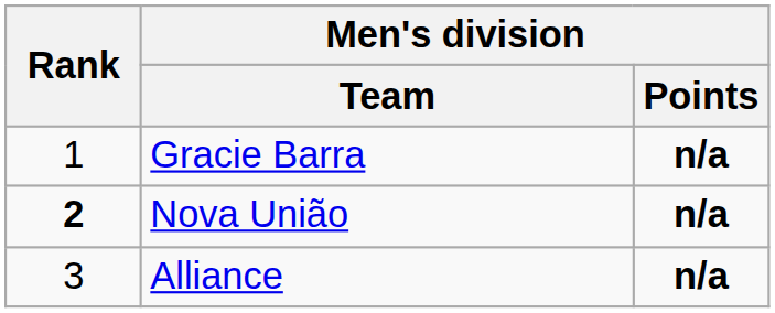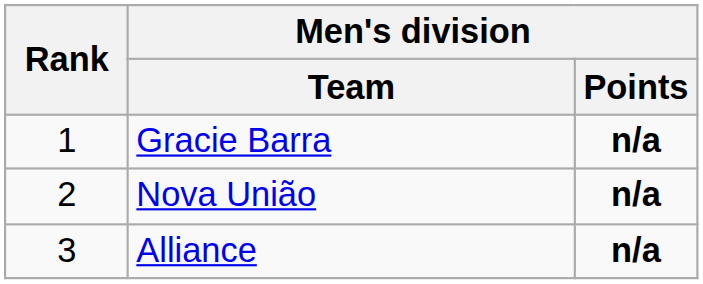 <table class="wikitable" style="text-align:center;">
 <tr>
 <th rowspan="2" width="50">Rank</th>
 <th colspan="2">Men's division</th>
 </tr>
 <tr>
 <th width="200">Team</th>
 <th width="50">Points</th>
 </tr>
 <tr>
 <td>1</td>
 <td style=text-align:left><a href='#'>Gracie Barra</a></td>
 <td><strong>n/a</strong></td>
 </tr>
 <tr>
-<td><strong>2</strong></td>
+<td>2</td>
 <td style=text-align:left><a href='#'>Nova União</a></td>
 <td><strong>n/a</strong></td>
 </tr>
 <tr>
 <td>3</td>
 <td style=text-align:left><a href='#'>Alliance</a></td>
 <td><strong>n/a</strong></td>
 </tr>
 </table>
